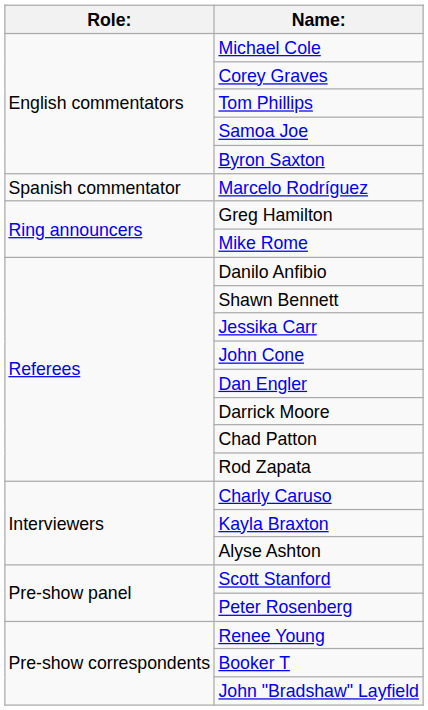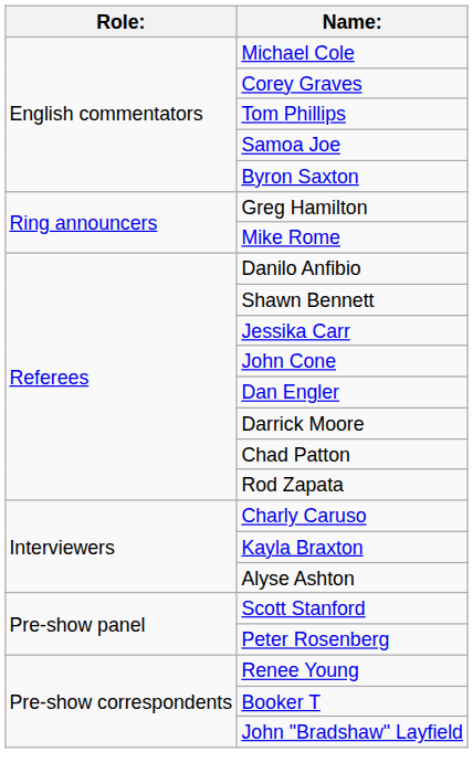 <table class=wikitable style="font-size:90%; margin: 0.5em 0 0.5em 1em; float: right; clear: right;">
 <tr>
 <th>Role:</th>
 <th>Name:</th>
 </tr>
 <tr>
 <td rowspan=5>English commentators</td>
 <td><a href='#'>Michael Cole</a> </td>
 </tr>
 <tr>
 <td><a href='#'>Corey Graves</a> </td>
 </tr>
 <tr>
 <td><a href='#'>Tom Phillips</a> </td>
 </tr>
 <tr>
 <td><a href='#'>Samoa Joe</a> </td>
 </tr>
 <tr>
 <td><a href='#'>Byron Saxton</a> </td>
-</tr>
-<tr>
-<td>Spanish commentator</td>
-<td><a href='#'>Marcelo Rodríguez</a></td>
 </tr>
 <tr>
 <td rowspan=2><a href='#'>Ring announcers</a></td>
 <td>Greg Hamilton </td>
 </tr>
 <tr>
 <td><a href='#'>Mike Rome</a> </td>
 </tr>
 <tr>
 <td rowspan=8><a href='#'>Referees</a></td>
 <td>Danilo Anfibio</td>
 </tr>
 <tr>
 <td>Shawn Bennett</td>
 </tr>
 <tr>
 <td><a href='#'>Jessika Carr</a></td>
 </tr>
 <tr>
 <td><a href='#'>John Cone</a></td>
 </tr>
 <tr>
 <td><a href='#'>Dan Engler</a></td>
 </tr>
 <tr>
 <td>Darrick Moore</td>
 </tr>
 <tr>
 <td>Chad Patton</td>
 </tr>
 <tr>
 <td>Rod Zapata</td>
 </tr>
 <tr>
 <td rowspan="3">Interviewers</td>
 <td><a href='#'>Charly Caruso</a></td>
 </tr>
 <tr>
 <td><a href='#'>Kayla Braxton</a></td>
 </tr>
 <tr>
 <td>Alyse Ashton</td>
 </tr>
 <tr>
 <td rowspan=2>Pre-show panel</td>
 <td><a href='#'>Scott Stanford</a></td>
 </tr>
 <tr>
 <td><a href='#'>Peter Rosenberg</a></td>
 </tr>
 <tr>
 <td rowspan="3">Pre-show correspondents</td>
 <td><a href='#'>Renee Young</a></td>
 </tr>
 <tr>
 <td><a href='#'>Booker T</a></td>
 </tr>
 <tr>
 <td><a href='#'>John "Bradshaw" Layfield</a></td>
 </tr>
 </table>
